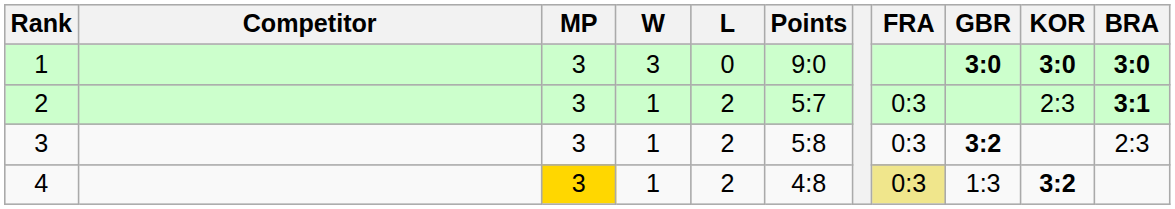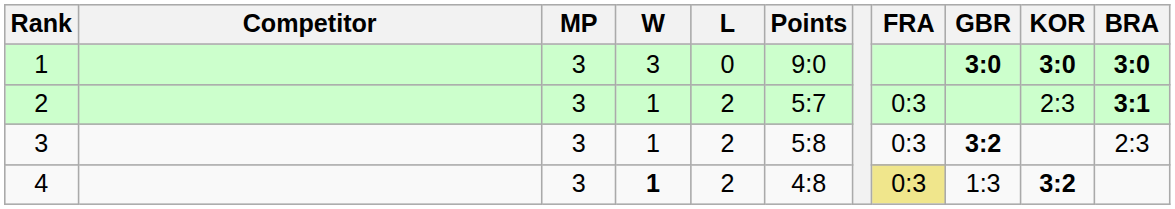 <table class="wikitable" style="text-align:center">
 <tr>
 <th>Rank</th>
 <th style="width:18em">Competitor</th>
 <th style="width:2.5em">MP</th>
 <th style="width:2.5em">W</th>
 <th style="width:2.5em">L</th>
 <th>Points</th>
 <th rowspan="5"> </th>
 <th style="width:2.5em">FRA</th>
 <th style="width:2.5em">GBR</th>
 <th style="width:2.5em">KOR</th>
 <th style="width:2.5em">BRA</th>
 </tr>
 <tr style="background:#cfc;">
 <td>1</td>
 <td style="text-align:left"></td>
 <td>3</td>
 <td>3</td>
 <td>0</td>
 <td>9:0</td>
 <td></td>
 <td><strong>3:0</strong></td>
 <td><strong>3:0</strong></td>
 <td><strong>3:0</strong></td>
 </tr>
 <tr style="background:#cfc;">
 <td>2</td>
 <td style="text-align:left"></td>
 <td>3</td>
 <td>1</td>
 <td>2</td>
 <td>5:7</td>
 <td>0:3</td>
 <td></td>
 <td>2:3</td>
 <td><strong>3:1</strong></td>
 </tr>
 <tr>
 <td>3</td>
 <td style="text-align:left"></td>
 <td>3</td>
 <td>1</td>
 <td>2</td>
 <td>5:8</td>
 <td>0:3</td>
 <td><strong>3:2</strong></td>
 <td></td>
 <td>2:3</td>
 </tr>
 <tr>
 <td>4</td>
 <td style="text-align:left"></td>
-<td style="background: gold;">3</td>
-<td>1</td>
+<td>3</td>
+<td><strong>1</strong></td>
 <td>2</td>
 <td>4:8</td>
 <td style="background: khaki;">0:3</td>
 <td>1:3</td>
 <td><strong>3:2</strong></td>
 <td></td>
 </tr>
 </table>
